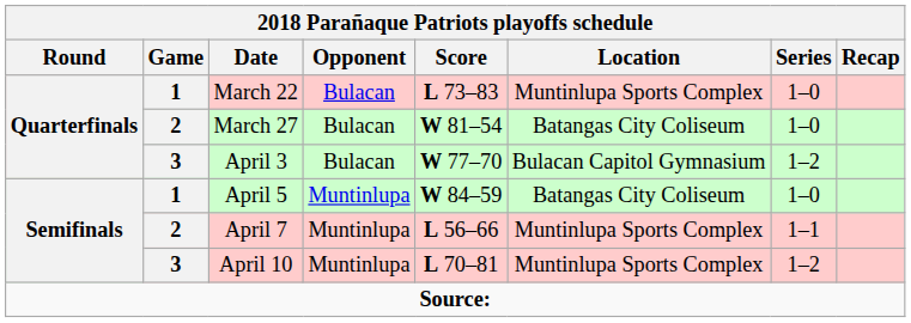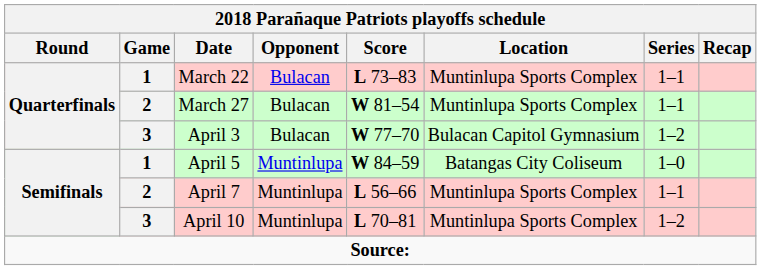 <table class="wikitable" style="text-align:center">
 <tr>
 <th colspan=8>2018 Parañaque Patriots playoffs schedule</th>
 </tr>
 <tr>
 <th>Round</th>
 <th>Game</th>
 <th>Date</th>
 <th>Opponent</th>
 <th>Score</th>
 <th>Location</th>
 <th>Series</th>
 <th>Recap</th>
 </tr>
 <tr style="background:#fcc">
 <th rowspan=3>Quarterfinals</th>
 <th>1</th>
 <td>March 22</td>
 <td><a href='#'>Bulacan</a></td>
 <td><strong>L</strong> 73–83</td>
 <td>Muntinlupa Sports Complex</td>
-<td>1–0</td>
+<td>1–1</td>
 <td></td>
 </tr>
 <tr style="background:#cfc">
 <th>2</th>
 <td>March 27</td>
 <td>Bulacan</td>
 <td><strong>W</strong> 81–54</td>
-<td>Batangas City Coliseum</td>
-<td>1–0</td>
+<td>Muntinlupa Sports Complex</td>
+<td>1–1</td>
 <td></td>
 </tr>
 <tr style="background:#cfc">
 <th>3</th>
 <td>April 3</td>
 <td>Bulacan</td>
 <td><strong>W</strong> 77–70</td>
 <td>Bulacan Capitol Gymnasium</td>
 <td>1–2</td>
 <td></td>
 </tr>
 <tr style="background:#cfc">
 <th rowspan=3>Semifinals</th>
 <th>1</th>
 <td>April 5</td>
 <td><a href='#'>Muntinlupa</a></td>
 <td><strong>W</strong> 84–59</td>
 <td>Batangas City Coliseum</td>
 <td>1–0</td>
 <td></td>
 </tr>
 <tr style="background:#fcc">
 <th>2</th>
 <td>April 7</td>
 <td>Muntinlupa</td>
 <td><strong>L</strong> 56–66</td>
 <td>Muntinlupa Sports Complex</td>
 <td>1–1</td>
 <td></td>
 </tr>
 <tr style="background:#fcc">
 <th>3</th>
 <td>April 10</td>
 <td>Muntinlupa</td>
 <td><strong>L</strong> 70–81</td>
 <td>Muntinlupa Sports Complex</td>
 <td>1–2</td>
 <td></td>
 </tr>
 <tr>
 <td colspan=8 align=center><strong>Source: </strong></td>
 </tr>
 </table>
